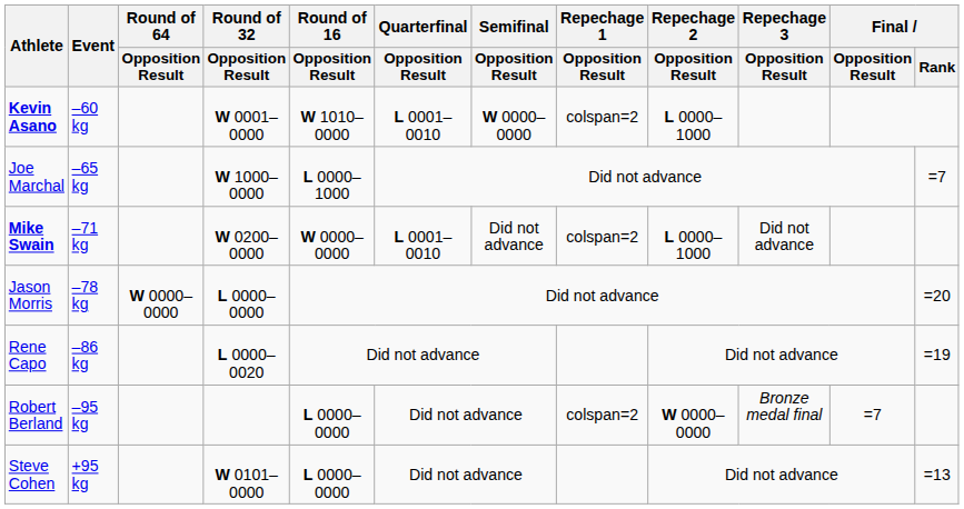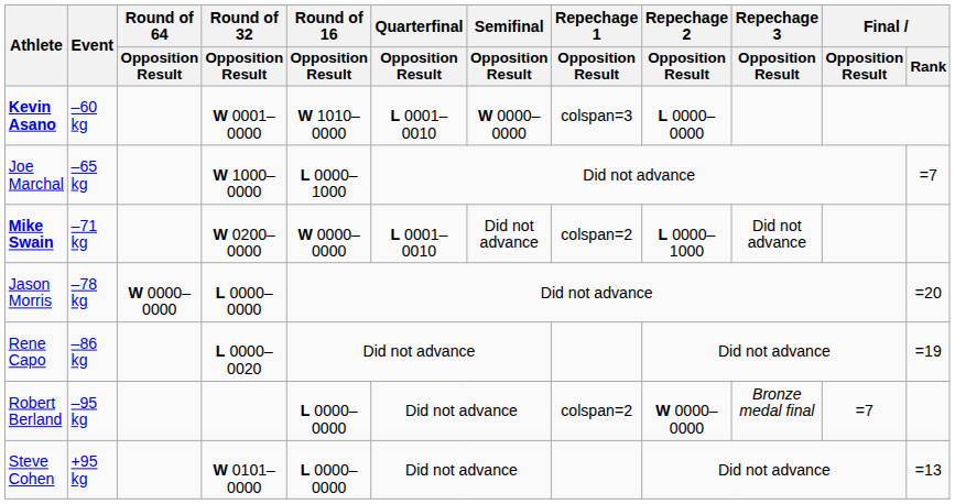 <table class=wikitable style=font-size:90%;text-align:center>
 <tr>
 <th rowspan=2>Athlete</th>
 <th rowspan=2>Event</th>
 <th>Round of 64</th>
 <th>Round of 32</th>
 <th>Round of 16</th>
 <th>Quarterfinal</th>
 <th>Semifinal</th>
 <th>Repechage 1</th>
 <th>Repechage 2</th>
 <th>Repechage 3</th>
 <th colspan=2>Final / </th>
 </tr>
 <tr style=font-size:95%>
 <th>Opposition<br>Result</th>
 <th>Opposition<br>Result</th>
 <th>Opposition<br>Result</th>
 <th>Opposition<br>Result</th>
 <th>Opposition<br>Result</th>
 <th>Opposition<br>Result</th>
 <th>Opposition<br>Result</th>
 <th>Opposition<br>Result</th>
 <th>Opposition<br>Result</th>
 <th>Rank</th>
 </tr>
 <tr>
 <td align=left><strong><a href='#'>Kevin Asano</a></strong></td>
 <td align=left><a href='#'>–60 kg</a></td>
 <td></td>
 <td><br><strong>W</strong> 0001–0000</td>
 <td><br><strong>W</strong> 1010–0000</td>
 <td><br><strong>L</strong> 0001–0010</td>
 <td><br><strong>W</strong> 0000–0000 </td>
-<td>colspan=2 </td>
-<td><br><strong>L</strong> 0000–1000</td>
+<td>colspan=3 </td>
+<td><br><strong>L</strong> 0000–0000 </td>
 <td></td>
 </tr>
 <tr>
 <td align=left><a href='#'>Joe Marchal</a></td>
 <td align=left><a href='#'>–65 kg</a></td>
 <td></td>
 <td><br><strong>W</strong> 1000–0000</td>
 <td><br><strong>L</strong> 0000–1000</td>
 <td colspan=6>Did not advance</td>
 <td>=7</td>
 </tr>
 <tr>
 <td align=left><strong><a href='#'>Mike Swain</a></strong></td>
 <td align=left><a href='#'>–71 kg</a></td>
 <td></td>
 <td><br><strong>W</strong> 0200–0000</td>
 <td><br><strong>W</strong> 0000–0000 </td>
 <td><br><strong>L</strong> 0001–0010</td>
 <td>Did not advance</td>
 <td>colspan=2 </td>
 <td><br><strong>L</strong> 0000–1000</td>
 <td>Did not advance</td>
 <td></td>
 </tr>
 <tr>
 <td align=left><a href='#'>Jason Morris</a></td>
 <td align=left><a href='#'>–78 kg</a></td>
 <td><br><strong>W</strong> 0000–0000 </td>
 <td><br><strong>L</strong> 0000–0000 </td>
 <td colspan=7>Did not advance</td>
 <td>=20</td>
 </tr>
 <tr>
 <td align=left><a href='#'>Rene Capo</a></td>
 <td align=left><a href='#'>–86 kg</a></td>
 <td></td>
 <td><br><strong>L</strong> 0000–0020</td>
 <td colspan=3>Did not advance</td>
 <td></td>
 <td colspan=3>Did not advance</td>
 <td>=19</td>
 </tr>
 <tr>
 <td align=left><a href='#'>Robert Berland</a></td>
 <td align=left><a href='#'>–95 kg</a></td>
 <td></td>
 <td></td>
 <td><br><strong>L</strong> 0000–0000 </td>
 <td colspan=2>Did not advance</td>
 <td>colspan=2 </td>
 <td><br><strong>W</strong> 0000–0000 </td>
 <td><em>Bronze medal final</em><br><br></td>
 <td>=7</td>
 </tr>
 <tr>
 <td align=left><a href='#'>Steve Cohen</a></td>
 <td align=left><a href='#'>+95 kg</a></td>
 <td></td>
 <td><br><strong>W</strong> 0101–0000</td>
 <td><br><strong>L</strong> 0000–0000 </td>
 <td colspan=2>Did not advance</td>
 <td></td>
 <td colspan=3>Did not advance</td>
 <td>=13</td>
 </tr>
 </table>
